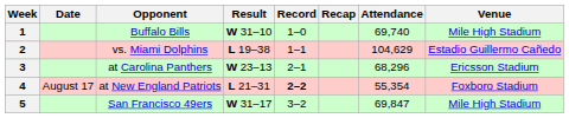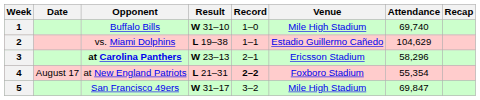 <table class="wikitable" style="text-align:center">
 <tr>
 <th>Week</th>
 <th>Date</th>
 <th>Opponent</th>
 <th>Result</th>
 <th>Record</th>
+<th>Venue</th>
+<th>Attendance</th>
 <th>Recap</th>
-<th>Attendance</th>
-<th>Venue</th>
 </tr>
 <tr style="background:#cfc">
 <th>1</th>
 <td></td>
 <td><a href='#'>Buffalo Bills</a></td>
 <td><strong>W</strong> 31–10</td>
 <td>1–0</td>
+<td><a href='#'>Mile High Stadium</a></td>
+<td>69,740</td>
 <td></td>
-<td>69,740</td>
-<td><a href='#'>Mile High Stadium</a></td>
 </tr>
 <tr style="background:#fcc">
 <th>2</th>
 <td></td>
 <td>vs. <a href='#'>Miami Dolphins</a></td>
 <td><strong>L</strong> 19–38</td>
 <td>1–1</td>
+<td><a href='#'>Estadio Guillermo Cañedo</a> </td>
+<td>104,629</td>
 <td></td>
-<td>104,629</td>
-<td><a href='#'>Estadio Guillermo Cañedo</a> </td>
 </tr>
 <tr style="background:#cfc">
 <th>3</th>
 <td></td>
-<td>at <a href='#'>Carolina Panthers</a></td>
+<td><strong>at <a href='#'>Carolina Panthers</a></strong></td>
 <td><strong>W</strong> 23–13</td>
 <td>2–1</td>
+<td><a href='#'>Ericsson Stadium</a></td>
+<td>58,296</td>
 <td></td>
-<td>68,296</td>
-<td><a href='#'>Ericsson Stadium</a></td>
 </tr>
 <tr style="background:#fcc">
 <th>4</th>
 <td>August 17</td>
 <td>at <a href='#'>New England Patriots</a></td>
 <td><strong>L</strong> 21–31</td>
 <td><strong>2–2</strong></td>
+<td><a href='#'>Foxboro Stadium</a></td>
+<td>55,354</td>
 <td></td>
-<td>55,354</td>
-<td><a href='#'>Foxboro Stadium</a></td>
 </tr>
 <tr style="background:#cfc">
 <th>5</th>
 <td></td>
 <td><a href='#'>San Francisco 49ers</a></td>
 <td><strong>W</strong> 31–17</td>
 <td>3–2</td>
+<td><a href='#'>Mile High Stadium</a></td>
+<td>69,847</td>
 <td></td>
-<td>69,847</td>
-<td><a href='#'>Mile High Stadium</a></td>
 </tr>
 </table>
